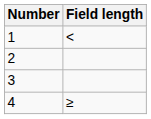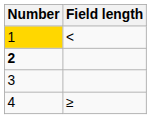 <table class="wikitable">
 <tr>
 <th>Number</th>
 <th>Field length</th>
 </tr>
 <tr>
-<td>1</td>
+<td style="background: gold;">1</td>
 <td>< </td>
 </tr>
 <tr>
-<td>2</td>
+<td><strong>2</strong></td>
 <td></td>
 </tr>
 <tr>
 <td>3</td>
 <td></td>
 </tr>
 <tr>
 <td>4</td>
 <td>≥ </td>
 </tr>
 </table>
